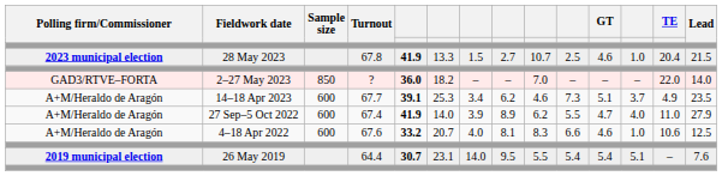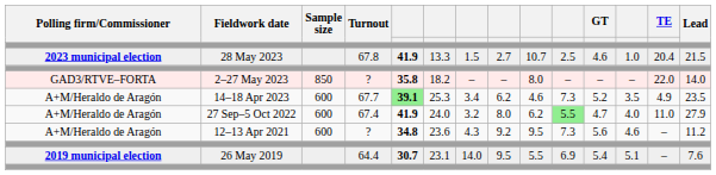 <table class="wikitable collapsible collapsed" style="text-align:center; font-size:95%; line-height:16px;">
 <tr style="height:42px;">
 <th style="width:250px;" rowspan="2">Polling firm/Commissioner</th>
 <th style="width:125px;" rowspan="2">Fieldwork date</th>
 <th style="width:50px;" rowspan="2">Sample size</th>
 <th style="width:45px;" rowspan="2">Turnout</th>
 <th style="width:35px;"></th>
 <th style="width:35px;"></th>
 <th style="width:35px;"></th>
 <th style="width:35px;"></th>
 <th style="width:35px;"></th>
 <th style="width:35px;"></th>
 <th style="width:35px;">GT</th>
 <th style="width:35px;"></th>
 <th style="width:35px;"><a href='#'>TE</a></th>
 <th style="width:30px;" rowspan="2">Lead</th>
 </tr>
 <tr>
 <th style="color:inherit;background:"></th>
 <th style="color:inherit;background:"></th>
 <th style="color:inherit;background:"></th>
 <th style="color:inherit;background:"></th>
 <th style="color:inherit;background:"></th>
 <th style="color:inherit;background:"></th>
 <th style="color:inherit;background:"></th>
 <th style="color:inherit;background:"></th>
 <th style="color:inherit;background:"></th>
 </tr>
 <tr>
 <td colspan="14" style="background:#A0A0A0"></td>
 </tr>
 <tr style="background:#EFEFEF;">
 <td><strong><a href='#'>2023 municipal election</a></strong></td>
 <td>28 May 2023</td>
 <td></td>
 <td>67.8</td>
 <td><strong>41.9</strong><br></td>
 <td>13.3<br></td>
 <td>1.5<br></td>
 <td>2.7<br></td>
 <td>10.7<br></td>
 <td>2.5<br></td>
 <td>4.6<br></td>
 <td>1.0<br></td>
 <td>20.4<br></td>
 <td style="background:">21.5</td>
 </tr>
 <tr>
 <td colspan="14" style="background:#A0A0A0"></td>
 </tr>
 <tr style="background:#FFEAEA;">
 <td>GAD3/RTVE–FORTA</td>
 <td>2–27 May 2023</td>
 <td>850</td>
 <td>?</td>
-<td><strong>36.0</strong><br></td>
+<td><strong>35.8</strong><br></td>
 <td>18.2<br></td>
 <td>–</td>
 <td>–</td>
-<td>7.0<br></td>
+<td>8.0<br></td>
 <td>–</td>
 <td>–</td>
 <td>–</td>
 <td>22.0<br></td>
 <td style="background:">14.0</td>
 </tr>
 <tr>
 <td>A+M/Heraldo de Aragón</td>
 <td>14–18 Apr 2023</td>
 <td>600</td>
 <td>67.7</td>
-<td><strong>39.1</strong><br></td>
+<td style="background: lightgreen;"><strong>39.1</strong><br></td>
 <td>25.3<br></td>
 <td>3.4<br></td>
 <td>6.2<br></td>
 <td>4.6<br></td>
 <td>7.3<br></td>
-<td>5.1<br></td>
-<td>3.7<br></td>
+<td>5.2<br></td>
+<td>3.5<br></td>
 <td>4.9<br></td>
 <td style="background:">23.5</td>
 </tr>
 <tr>
 <td>A+M/Heraldo de Aragón</td>
 <td>27 Sep–5 Oct 2022</td>
 <td>600</td>
 <td>67.4</td>
 <td><strong>41.9</strong><br></td>
-<td>14.0<br></td>
-<td>3.9<br></td>
-<td>8.9<br></td>
+<td>24.0<br></td>
+<td>3.2<br></td>
+<td>8.0<br></td>
 <td>6.2<br></td>
-<td>5.5<br></td>
+<td style="background: lightgreen;">5.5<br></td>
 <td>4.7<br></td>
 <td>4.0<br></td>
 <td>11.0<br></td>
 <td style="background:">27.9</td>
 </tr>
 <tr>
 <td>A+M/Heraldo de Aragón</td>
-<td>4–18 Apr 2022</td>
+<td>12–13 Apr 2021</td>
 <td>600</td>
-<td>67.6</td>
-<td><strong>33.2</strong><br></td>
-<td>20.7<br></td>
-<td>4.0<br></td>
-<td>8.1<br></td>
-<td>8.3<br></td>
-<td>6.6<br></td>
+<td>?</td>
+<td><strong>34.8</strong><br></td>
+<td>23.6<br></td>
+<td>4.3<br></td>
+<td>9.2<br></td>
+<td>9.5<br></td>
+<td>7.3<br></td>
+<td>5.6<br></td>
 <td>4.6<br></td>
-<td>1.0<br></td>
-<td>10.6<br></td>
-<td style="background:">12.5</td>
+<td>–</td>
+<td style="background:">11.2</td>
 </tr>
 <tr>
 <td colspan="14" style="background:#A0A0A0"></td>
 </tr>
 <tr style="background:#EFEFEF;">
 <td><strong><a href='#'>2019 municipal election</a></strong></td>
 <td>26 May 2019</td>
 <td></td>
 <td>64.4</td>
 <td><strong>30.7</strong><br></td>
 <td>23.1<br></td>
 <td>14.0<br></td>
 <td>9.5<br></td>
 <td>5.5<br></td>
-<td>5.4<br></td>
+<td>6.9<br></td>
 <td>5.4<br></td>
 <td>5.1<br></td>
 <td>–</td>
 <td style="background:">7.6</td>
 </tr>
 <tr>
 <td colspan="14" style="background:#A0A0A0"></td>
 </tr>
 </table>
